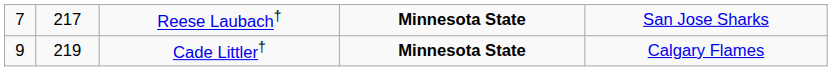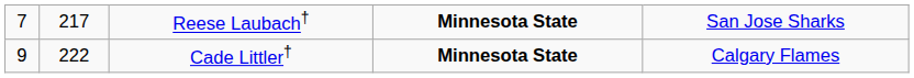 <table class="wikitable sortable" width="50%">
 <tr align="center" bgcolor="">
 <td>7</td>
 <td>217</td>
 <td><a href='#'>Reese Laubach</a><sup>†</sup></td>
 <td><strong>Minnesota State</strong></td>
 <td><a href='#'>San Jose Sharks</a></td>
 </tr>
 <tr align="center" bgcolor="">
 <td>9</td>
-<td>219</td>
+<td>222</td>
 <td><a href='#'>Cade Littler</a><sup>†</sup></td>
 <td><strong>Minnesota State</strong></td>
 <td><a href='#'>Calgary Flames</a></td>
 </tr>
 </table>
